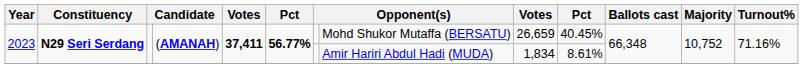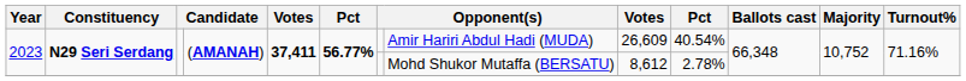 <table class="wikitable" style="margin:0.5em ; font-size:95%">
 <tr>
 <th>Year</th>
 <th>Constituency</th>
 <th colspan=2>Candidate</th>
 <th>Votes</th>
 <th>Pct</th>
 <th colspan=2>Opponent(s)</th>
 <th>Votes</th>
 <th>Pct</th>
 <th>Ballots cast</th>
 <th>Majority</th>
 <th>Turnout%</th>
 </tr>
 <tr>
 <td rowspan=2><a href='#'>2023</a></td>
 <td rowspan=2><strong>N29 <a href='#'>Seri Serdang</a></strong></td>
 <td rowspan=2 ></td>
 <td rowspan=2> (<a href='#'><strong>AMANAH</strong></a>)</td>
 <td rowspan=2 align=right><strong>37,411</strong></td>
 <td rowspan=2><strong>56.77%</strong></td>
 <td bgcolor=></td>
-<td>Mohd Shukor Mutaffa (<a href='#'>BERSATU</a>)</td>
-<td align=right>26,659</td>
-<td>40.45%</td>
+<td><a href='#'>Amir Hariri Abdul Hadi</a> (<a href='#'>MUDA</a>)</td>
+<td align=right>26,609</td>
+<td>40.54%</td>
 <td rowspan=2>66,348</td>
 <td rowspan=2>10,752</td>
 <td rowspan=2>71.16%</td>
 </tr>
 <tr>
 <td bgcolor=></td>
-<td><a href='#'>Amir Hariri Abdul Hadi</a> (<a href='#'>MUDA</a>)</td>
-<td align=right>1,834</td>
-<td align=right>8.61%</td>
+<td>Mohd Shukor Mutaffa (<a href='#'>BERSATU</a>)</td>
+<td align=right>8,612</td>
+<td align=right>2.78%</td>
 </tr>
 <tr>
 </tr>
 </table>
